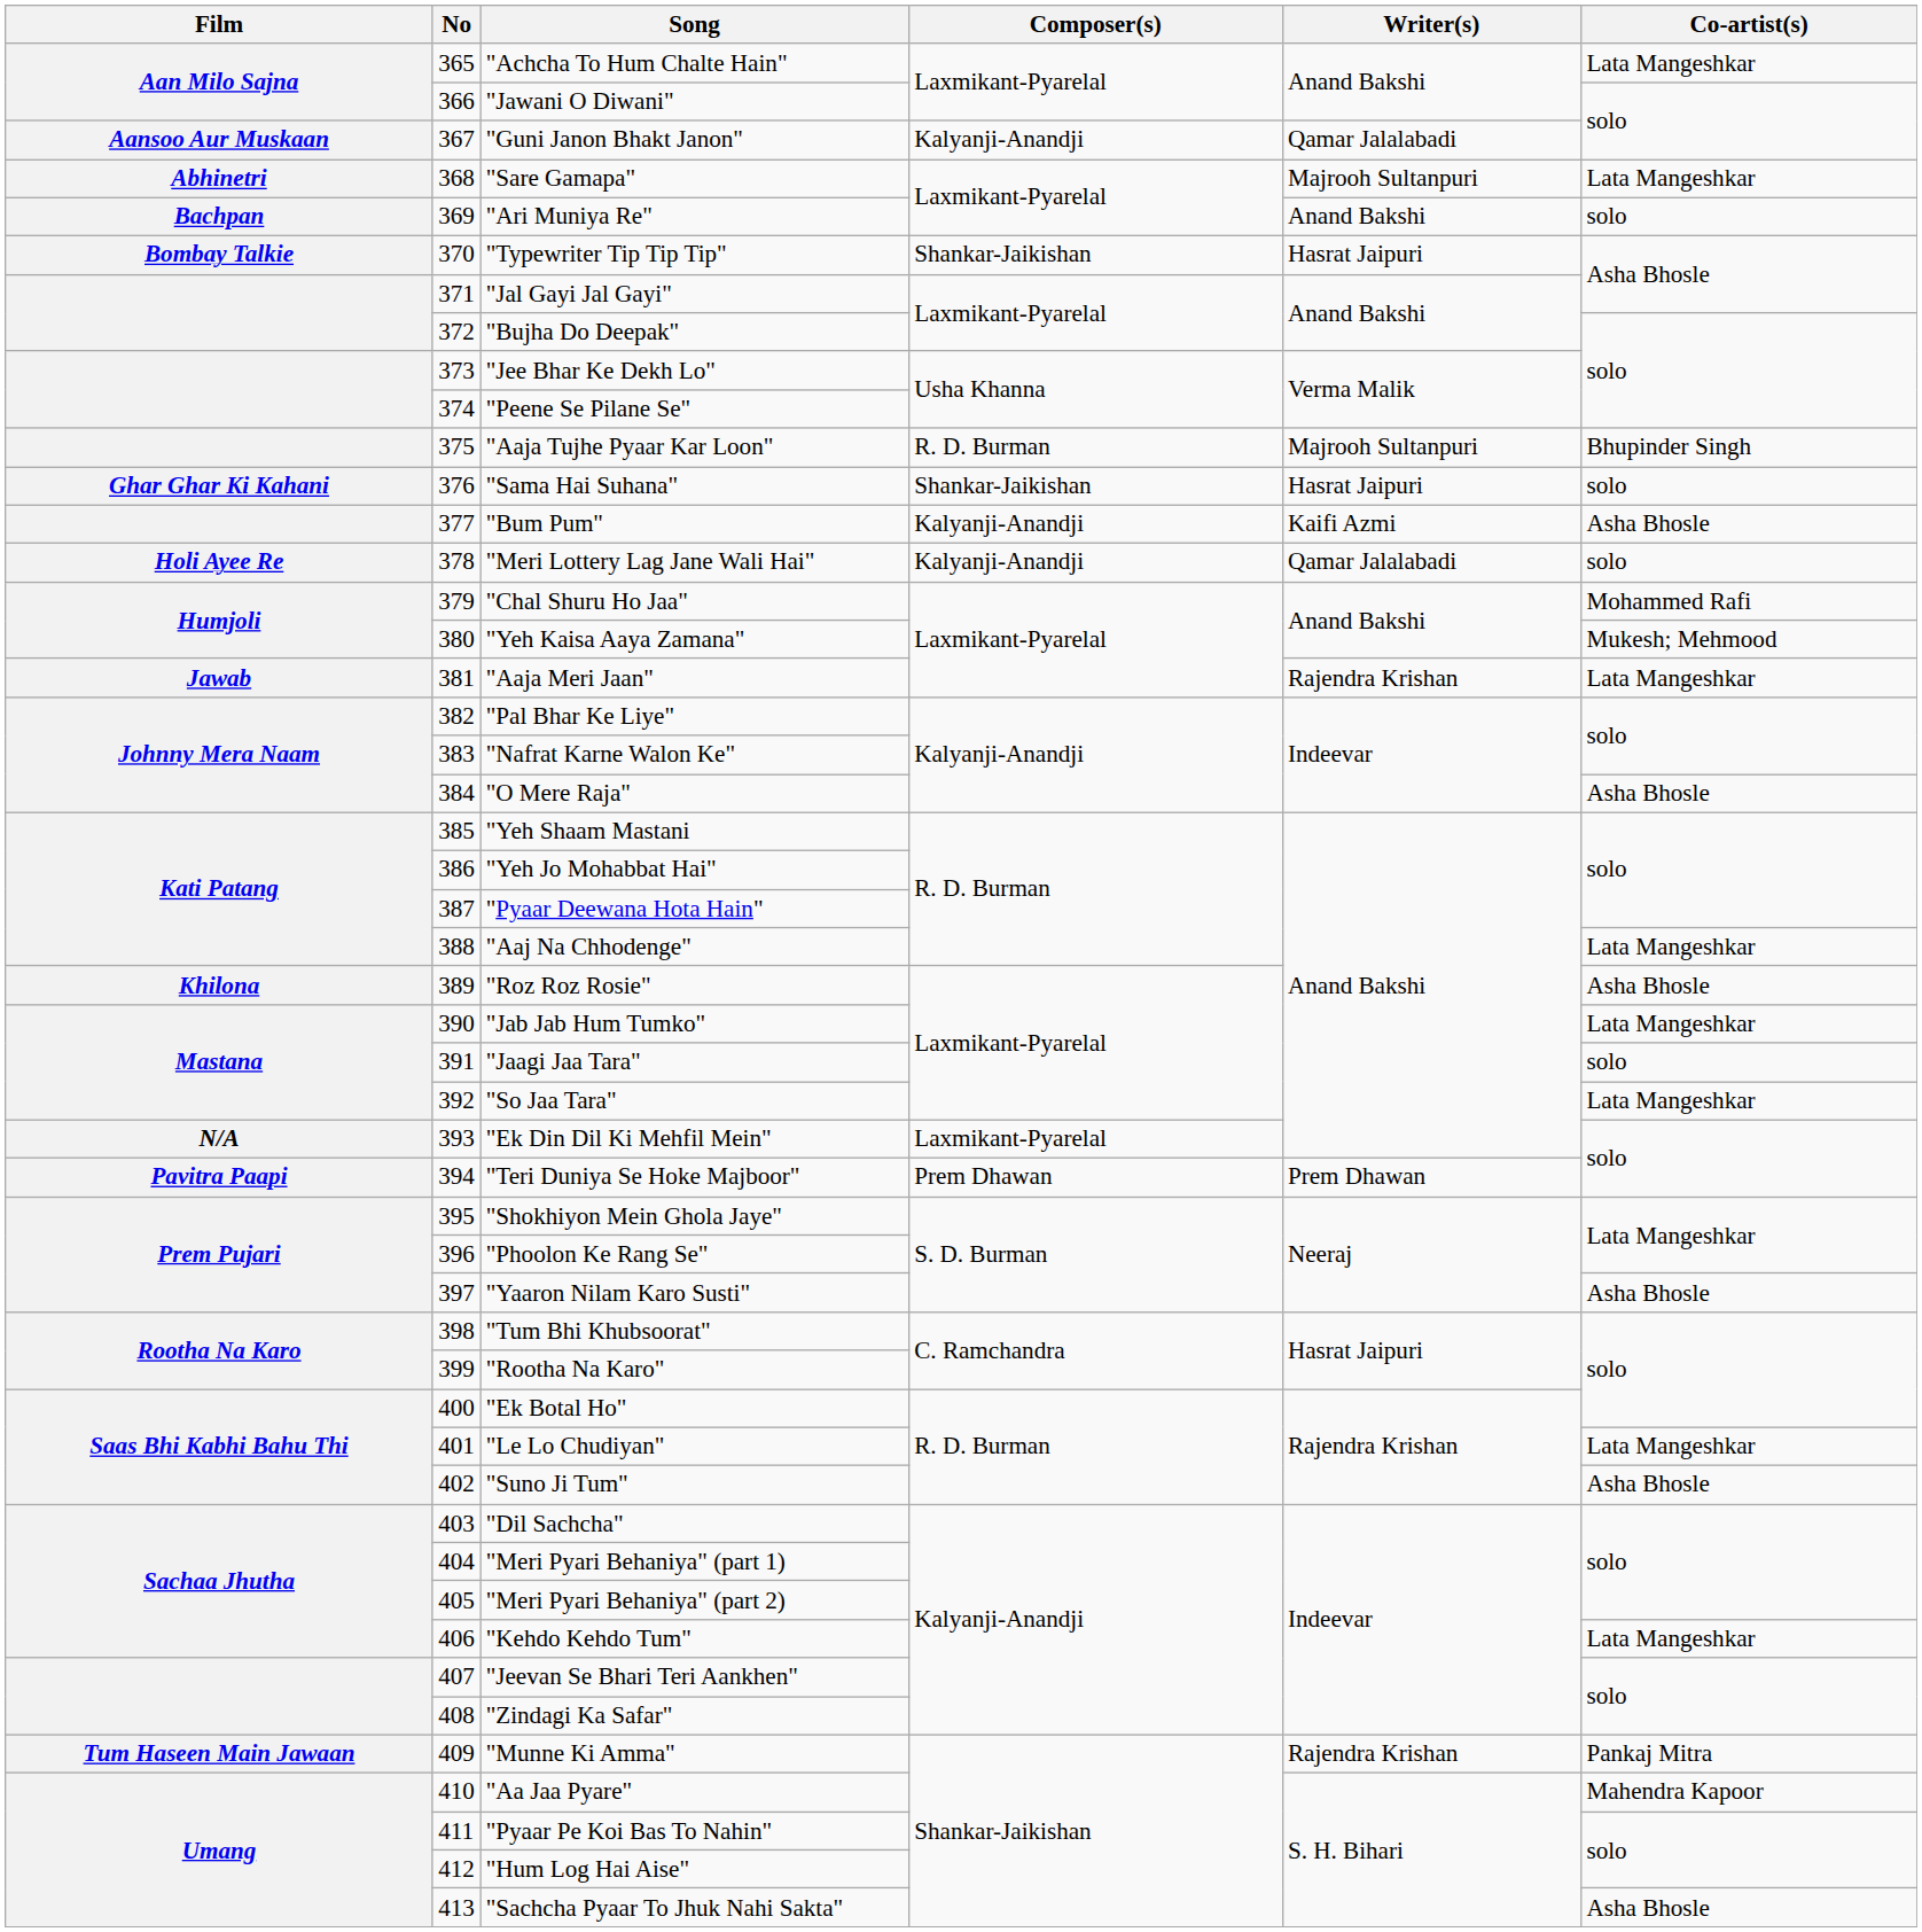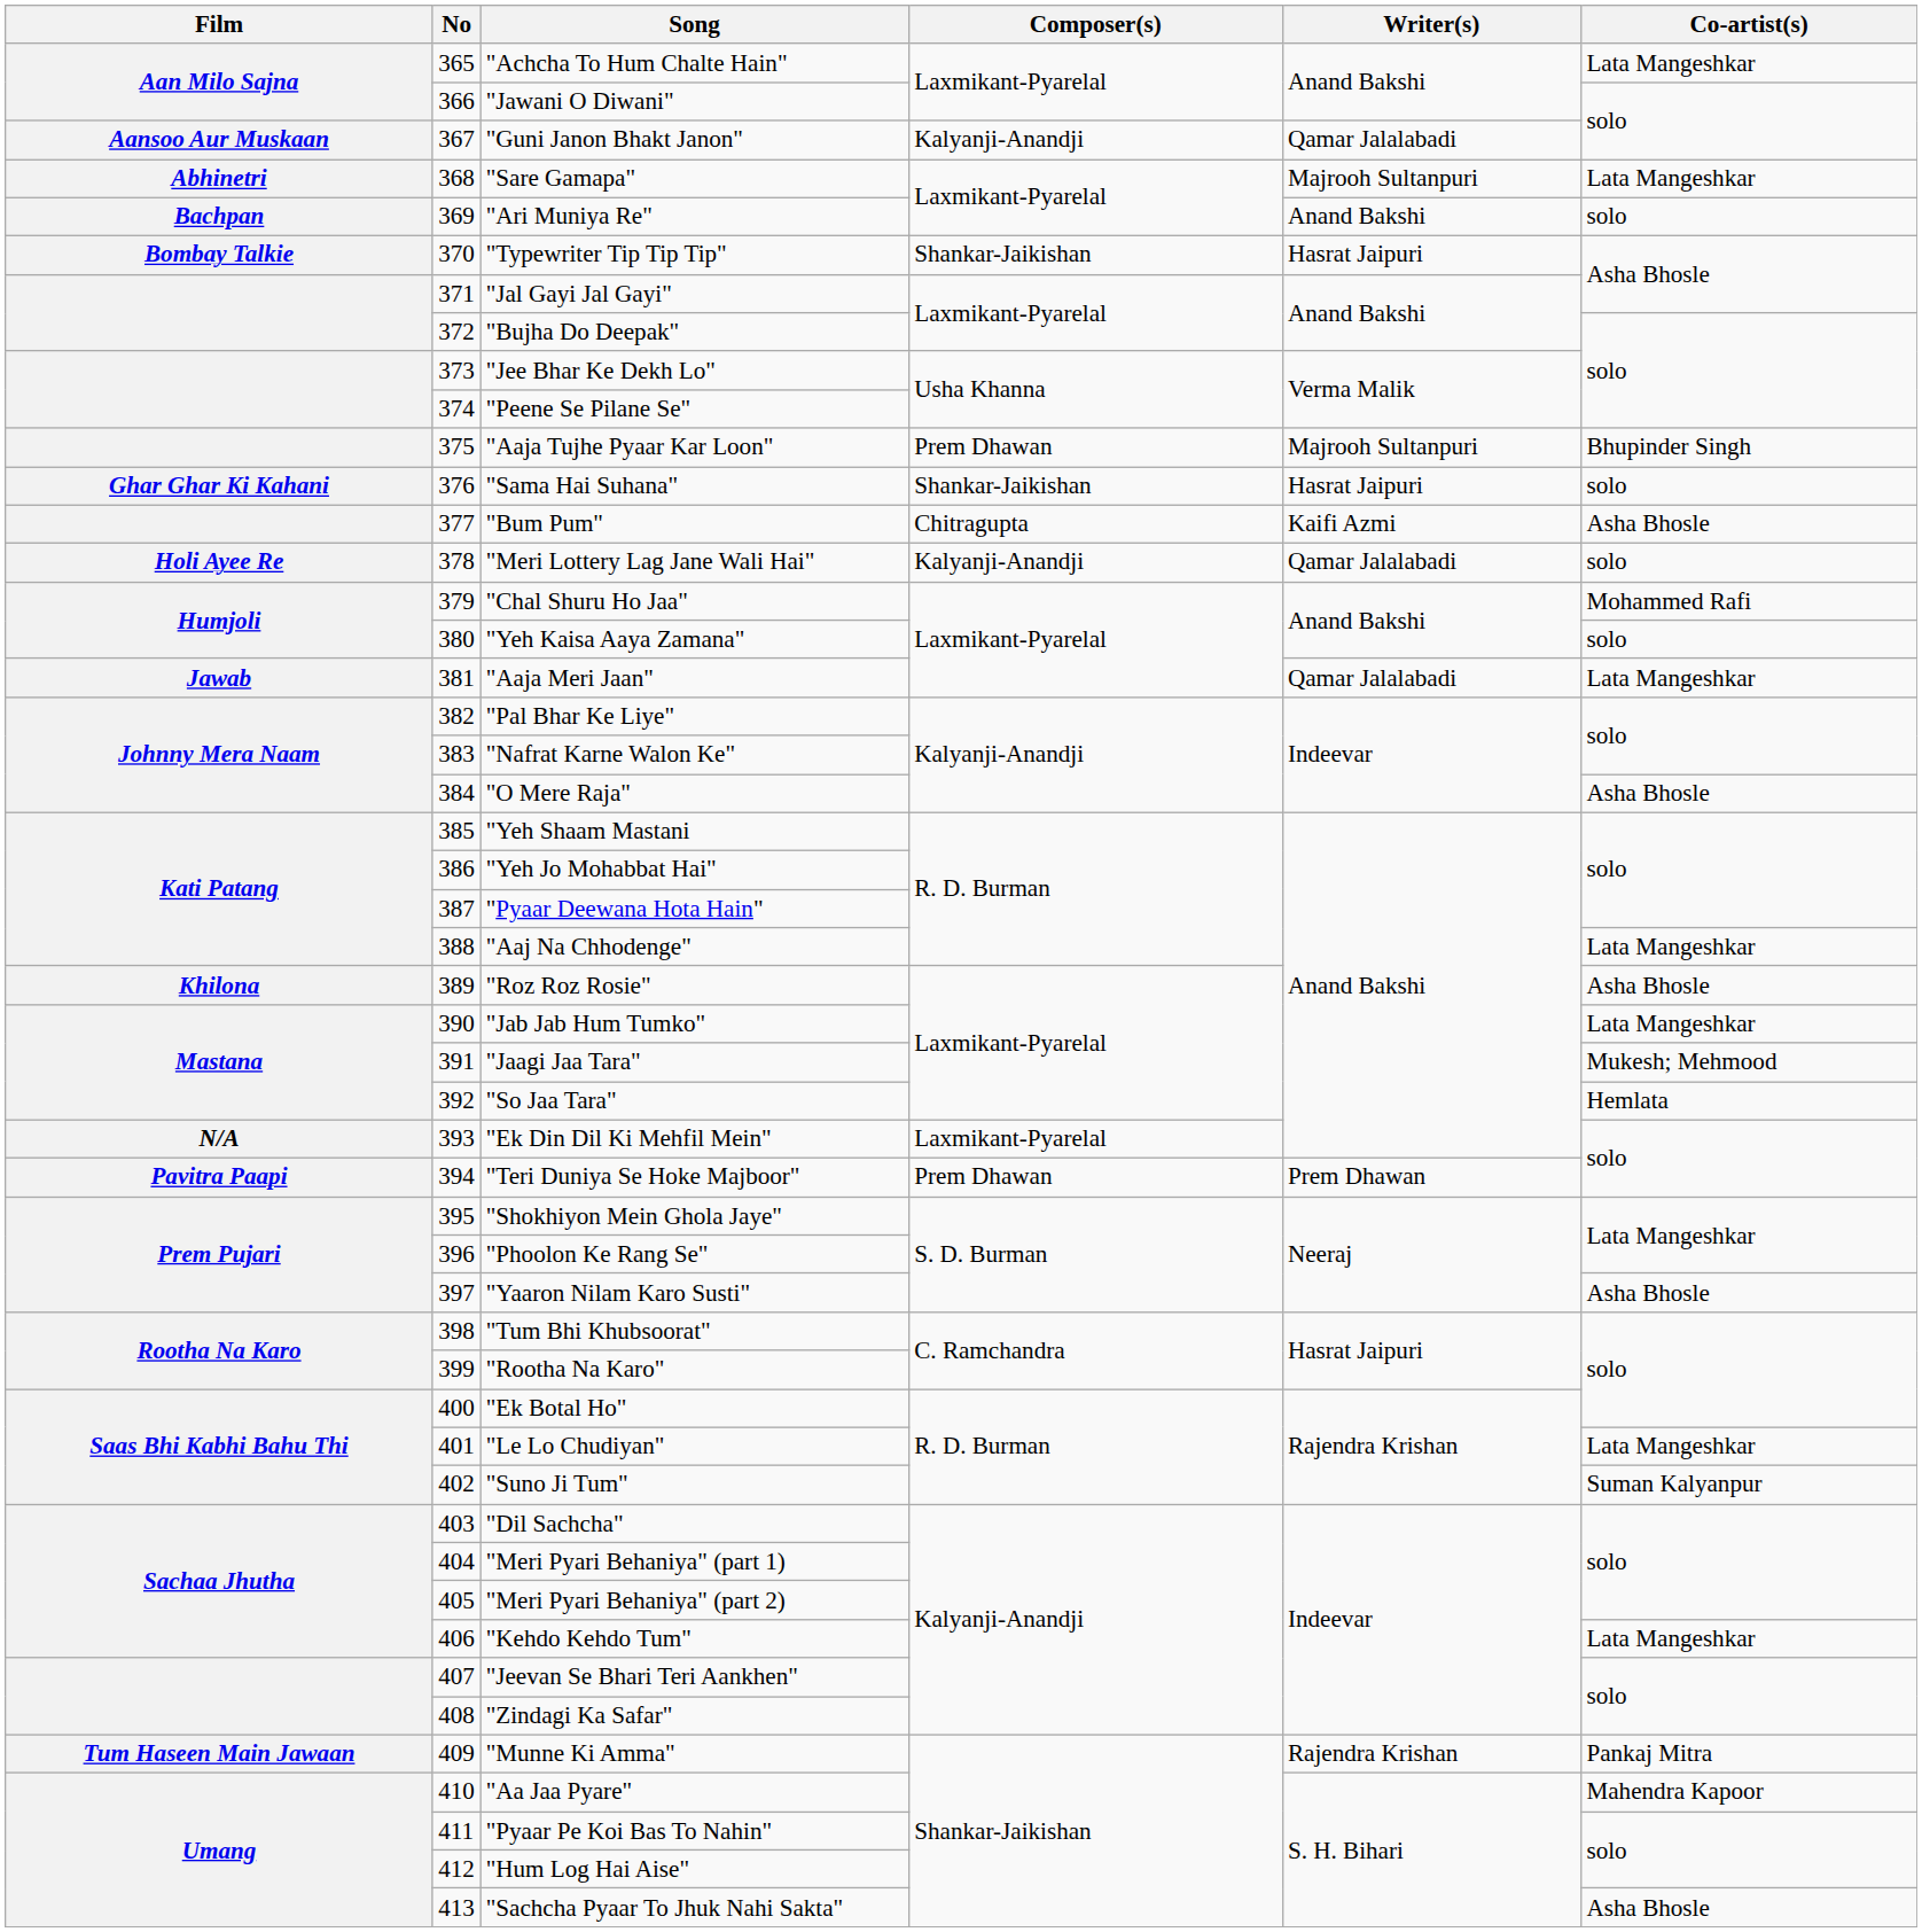 <table class="wikitable plainrowheaders" width="100%" textcolor:#000;">
 <tr style="background:#b0e0e66;">
 <th scope="col" width=23%><strong>Film</strong></th>
 <th><strong>No</strong></th>
 <th scope="col" width=23%><strong>Song</strong></th>
 <th scope="col" width=20%><strong>Composer(s)</strong></th>
 <th scope="col" width=16%><strong>Writer(s)</strong></th>
 <th scope="col" width=18%><strong>Co-artist(s)</strong></th>
 </tr>
 <tr>
 <th rowspan=2><em><a href='#'>Aan Milo Sajna</a></em></th>
 <td>365</td>
 <td>"Achcha To Hum Chalte Hain"</td>
 <td rowspan=2>Laxmikant-Pyarelal</td>
 <td rowspan=2>Anand Bakshi</td>
 <td>Lata Mangeshkar</td>
 </tr>
 <tr>
 <td>366</td>
 <td>"Jawani O Diwani"</td>
 <td rowspan=2>solo</td>
 </tr>
 <tr>
 <th><em><a href='#'>Aansoo Aur Muskaan</a></em></th>
 <td>367</td>
 <td>"Guni Janon Bhakt Janon"</td>
 <td>Kalyanji-Anandji</td>
 <td>Qamar Jalalabadi</td>
 </tr>
 <tr>
 <th><em><a href='#'>Abhinetri</a></em></th>
 <td>368</td>
 <td>"Sare Gamapa"</td>
 <td rowspan=2>Laxmikant-Pyarelal</td>
 <td>Majrooh Sultanpuri</td>
 <td>Lata Mangeshkar</td>
 </tr>
 <tr>
 <th><em><a href='#'>Bachpan</a></em></th>
 <td>369</td>
 <td>"Ari Muniya Re"</td>
 <td>Anand Bakshi</td>
 <td>solo</td>
 </tr>
 <tr>
 <th><em><a href='#'>Bombay Talkie</a></em></th>
 <td>370</td>
 <td>"Typewriter Tip Tip Tip"</td>
 <td>Shankar-Jaikishan</td>
 <td>Hasrat Jaipuri</td>
 <td rowspan=2>Asha Bhosle</td>
 </tr>
 <tr>
 <th rowspan=2><em></em></th>
 <td>371</td>
 <td>"Jal Gayi Jal Gayi"</td>
 <td rowspan=2>Laxmikant-Pyarelal</td>
 <td rowspan=2>Anand Bakshi</td>
 </tr>
 <tr>
 <td>372</td>
 <td>"Bujha Do Deepak"</td>
 <td rowspan=3>solo</td>
 </tr>
 <tr>
 <th rowspan=2><em></em></th>
 <td>373</td>
 <td>"Jee Bhar Ke Dekh Lo"</td>
 <td rowspan=2>Usha Khanna</td>
 <td rowspan=2>Verma Malik</td>
 </tr>
 <tr>
 <td>374</td>
 <td>"Peene Se Pilane Se"</td>
 </tr>
 <tr>
 <th><em></em></th>
 <td>375</td>
 <td>"Aaja Tujhe Pyaar Kar Loon"</td>
-<td>R. D. Burman</td>
+<td>Prem Dhawan</td>
 <td>Majrooh Sultanpuri</td>
 <td>Bhupinder Singh</td>
 </tr>
 <tr>
 <th><em><a href='#'>Ghar Ghar Ki Kahani</a></em></th>
 <td>376</td>
 <td>"Sama Hai Suhana"</td>
 <td>Shankar-Jaikishan</td>
 <td>Hasrat Jaipuri</td>
 <td>solo</td>
 </tr>
 <tr>
 <th><em></em></th>
 <td>377</td>
 <td>"Bum Pum"</td>
-<td>Kalyanji-Anandji</td>
+<td>Chitragupta</td>
 <td>Kaifi Azmi</td>
 <td>Asha Bhosle</td>
 </tr>
 <tr>
 <th><em><a href='#'>Holi Ayee Re</a></em></th>
 <td>378</td>
 <td>"Meri Lottery Lag Jane Wali Hai"</td>
 <td>Kalyanji-Anandji</td>
 <td>Qamar Jalalabadi</td>
 <td>solo</td>
 </tr>
 <tr>
 <th rowspan=2><em><a href='#'>Humjoli</a></em></th>
 <td>379</td>
 <td>"Chal Shuru Ho Jaa"</td>
 <td rowspan=3>Laxmikant-Pyarelal</td>
 <td rowspan=2>Anand Bakshi</td>
 <td>Mohammed Rafi</td>
 </tr>
 <tr>
 <td>380</td>
 <td>"Yeh Kaisa Aaya Zamana"</td>
-<td>Mukesh; Mehmood</td>
+<td>solo</td>
 </tr>
 <tr>
 <th><em><a href='#'>Jawab</a></em></th>
 <td>381</td>
 <td>"Aaja Meri Jaan"</td>
-<td>Rajendra Krishan</td>
+<td>Qamar Jalalabadi</td>
 <td>Lata Mangeshkar</td>
 </tr>
 <tr>
 <th rowspan=3><em><a href='#'>Johnny Mera Naam</a></em></th>
 <td>382</td>
 <td>"Pal Bhar Ke Liye"</td>
 <td rowspan=3>Kalyanji-Anandji</td>
 <td rowspan=3>Indeevar</td>
 <td rowspan=2>solo</td>
 </tr>
 <tr>
 <td>383</td>
 <td>"Nafrat Karne Walon Ke"</td>
 </tr>
 <tr>
 <td>384</td>
 <td>"O Mere Raja"</td>
 <td>Asha Bhosle</td>
 </tr>
 <tr>
 <th rowspan=4><em><a href='#'>Kati Patang</a></em></th>
 <td>385</td>
 <td>"Yeh Shaam Mastani</td>
 <td rowspan=4>R. D. Burman</td>
 <td rowspan=9>Anand Bakshi</td>
 <td rowspan=3>solo</td>
 </tr>
 <tr>
 <td>386</td>
 <td>"Yeh Jo Mohabbat Hai"</td>
 </tr>
 <tr>
 <td>387</td>
 <td>"<a href='#'>Pyaar Deewana Hota Hain</a>"</td>
 </tr>
 <tr>
 <td>388</td>
 <td>"Aaj Na Chhodenge"</td>
 <td>Lata Mangeshkar</td>
 </tr>
 <tr>
 <th><em><a href='#'>Khilona</a></em></th>
 <td>389</td>
 <td>"Roz Roz Rosie"</td>
 <td rowspan=4>Laxmikant-Pyarelal</td>
 <td>Asha Bhosle</td>
 </tr>
 <tr>
 <th rowspan=3><em><a href='#'>Mastana</a></em></th>
 <td>390</td>
 <td>"Jab Jab Hum Tumko"</td>
 <td>Lata Mangeshkar</td>
 </tr>
 <tr>
 <td>391</td>
 <td>"Jaagi Jaa Tara"</td>
-<td>solo</td>
+<td>Mukesh; Mehmood</td>
 </tr>
 <tr>
 <td>392</td>
 <td>"So Jaa Tara"</td>
-<td>Lata Mangeshkar</td>
+<td>Hemlata</td>
 </tr>
 <tr>
 <th><em>N/A</em></th>
 <td>393</td>
 <td>"Ek Din Dil Ki Mehfil Mein"</td>
 <td>Laxmikant-Pyarelal</td>
 <td rowspan=2>solo</td>
 </tr>
 <tr>
 <th><em><a href='#'>Pavitra Paapi</a></em></th>
 <td>394</td>
 <td>"Teri Duniya Se Hoke Majboor"</td>
 <td>Prem Dhawan</td>
 <td>Prem Dhawan</td>
 </tr>
 <tr>
 <th rowspan=3><em><a href='#'>Prem Pujari</a></em></th>
 <td>395</td>
 <td>"Shokhiyon Mein Ghola Jaye"</td>
 <td rowspan=3>S. D. Burman</td>
 <td rowspan=3>Neeraj</td>
 <td rowspan=2>Lata Mangeshkar</td>
 </tr>
 <tr>
 <td>396</td>
 <td>"Phoolon Ke Rang Se"</td>
 </tr>
 <tr>
 <td>397</td>
 <td>"Yaaron Nilam Karo Susti"</td>
 <td>Asha Bhosle</td>
 </tr>
 <tr>
 <th rowspan=2><em><a href='#'>Rootha Na Karo</a></em></th>
 <td>398</td>
 <td>"Tum Bhi Khubsoorat"</td>
 <td rowspan=2>C. Ramchandra</td>
 <td rowspan=2>Hasrat Jaipuri</td>
 <td rowspan=3>solo</td>
 </tr>
 <tr>
 <td>399</td>
 <td>"Rootha Na Karo"</td>
 </tr>
 <tr>
 <th rowspan=3><em><a href='#'>Saas Bhi Kabhi Bahu Thi</a></em></th>
 <td>400</td>
 <td>"Ek Botal Ho"</td>
 <td rowspan=3>R. D. Burman</td>
 <td rowspan=3>Rajendra Krishan</td>
 </tr>
 <tr>
 <td>401</td>
 <td>"Le Lo Chudiyan"</td>
 <td>Lata Mangeshkar</td>
 </tr>
 <tr>
 <td>402</td>
 <td>"Suno Ji Tum"</td>
-<td>Asha Bhosle</td>
+<td>Suman Kalyanpur</td>
 </tr>
 <tr>
 <th rowspan=4><em><a href='#'>Sachaa Jhutha</a></em></th>
 <td>403</td>
 <td>"Dil Sachcha"</td>
 <td rowspan=6>Kalyanji-Anandji</td>
 <td rowspan=6>Indeevar</td>
 <td rowspan=3>solo</td>
 </tr>
 <tr>
 <td>404</td>
 <td>"Meri Pyari Behaniya" (part 1)</td>
 </tr>
 <tr>
 <td>405</td>
 <td>"Meri Pyari Behaniya" (part 2)</td>
 </tr>
 <tr>
 <td>406</td>
 <td>"Kehdo Kehdo Tum"</td>
 <td>Lata Mangeshkar</td>
 </tr>
 <tr>
 <th rowspan=2><em></em></th>
 <td>407</td>
 <td>"Jeevan Se Bhari Teri Aankhen"</td>
 <td rowspan=2>solo</td>
 </tr>
 <tr>
 <td>408</td>
 <td>"Zindagi Ka Safar"</td>
 </tr>
 <tr>
 <th><em><a href='#'>Tum Haseen Main Jawaan</a></em></th>
 <td>409</td>
 <td>"Munne Ki Amma"</td>
 <td rowspan=5>Shankar-Jaikishan</td>
 <td>Rajendra Krishan</td>
 <td>Pankaj Mitra</td>
 </tr>
 <tr>
 <th rowspan=4><em><a href='#'>Umang</a></em></th>
 <td>410</td>
 <td>"Aa Jaa Pyare"</td>
 <td rowspan=4>S. H. Bihari</td>
 <td>Mahendra Kapoor</td>
 </tr>
 <tr>
 <td>411</td>
 <td>"Pyaar Pe Koi Bas To Nahin"</td>
 <td rowspan=2>solo</td>
 </tr>
 <tr>
 <td>412</td>
 <td>"Hum Log Hai Aise"</td>
 </tr>
 <tr>
 <td>413</td>
 <td>"Sachcha Pyaar To Jhuk Nahi Sakta"</td>
 <td>Asha Bhosle</td>
 </tr>
 <tr>
 </tr>
 </table>
